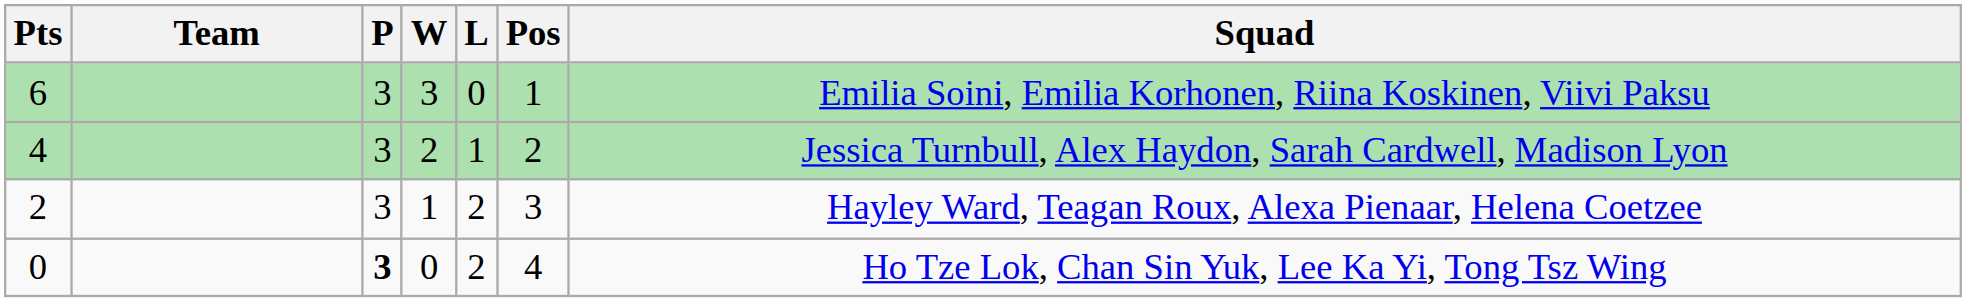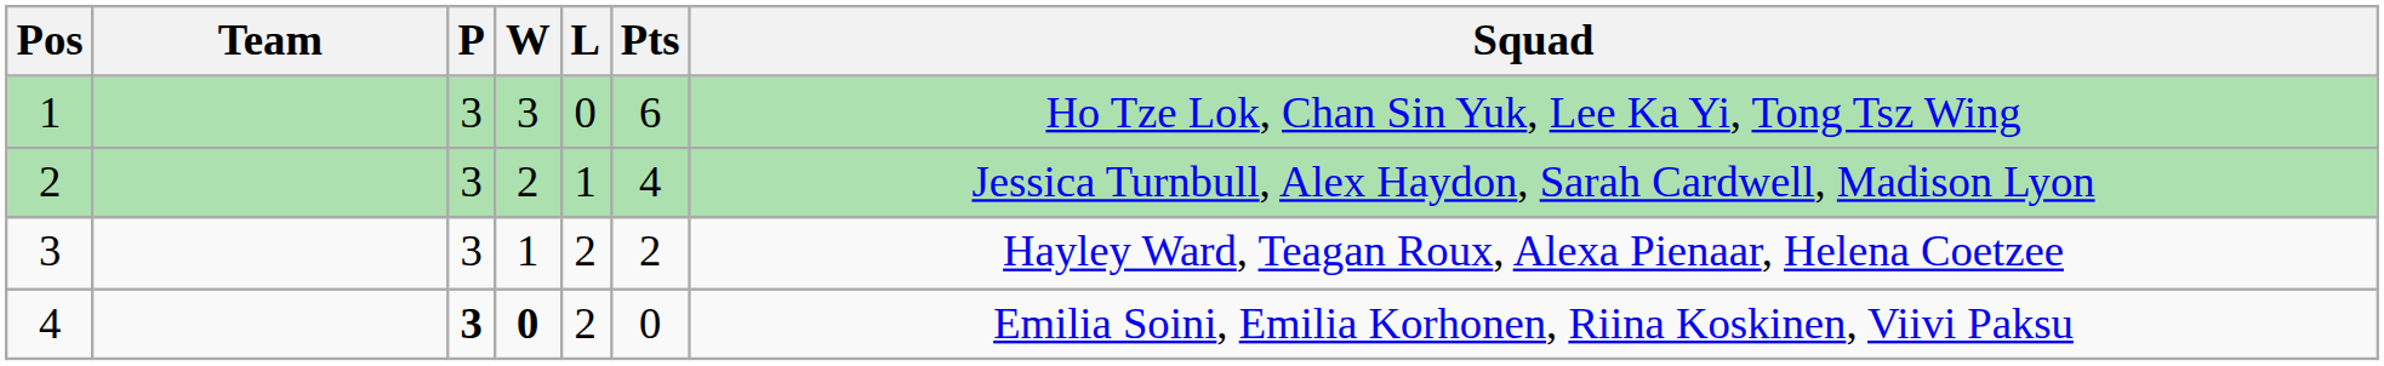 <table class="wikitable" style="font-size: 100%">
 <tr>
-<th width=20>Pts</th>
+<th width=20>Pos</th>
 <th width=120>Team</th>
 <th width=10>P</th>
 <th width=10>W</th>
 <th width=10>L</th>
-<th width=20>Pos</th>
+<th width=20>Pts</th>
 <th width=600>Squad</th>
 </tr>
 <tr align=center style="background:#ACE1AF;">
-<td>6</td>
+<td>1</td>
 <td align="left"></td>
 <td>3</td>
 <td>3</td>
 <td>0</td>
-<td>1</td>
-<td><a href='#'>Emilia Soini</a>, <a href='#'>Emilia Korhonen</a>, <a href='#'>Riina Koskinen</a>, <a href='#'>Viivi Paksu</a></td>
+<td>6</td>
+<td><a href='#'>Ho Tze Lok</a>, <a href='#'>Chan Sin Yuk</a>, <a href='#'>Lee Ka Yi</a>, <a href='#'>Tong Tsz Wing</a></td>
 </tr>
 <tr align=center style="background:#ACE1AF;">
-<td>4</td>
+<td>2</td>
 <td align="left"></td>
 <td>3</td>
 <td>2</td>
 <td>1</td>
-<td>2</td>
+<td>4</td>
 <td><a href='#'>Jessica Turnbull</a>, <a href='#'>Alex Haydon</a>, <a href='#'>Sarah Cardwell</a>, <a href='#'>Madison Lyon</a></td>
 </tr>
 <tr align=center>
-<td>2</td>
+<td>3</td>
 <td align="left"></td>
 <td>3</td>
 <td>1</td>
 <td>2</td>
-<td>3</td>
+<td>2</td>
 <td><a href='#'>Hayley Ward</a>, <a href='#'>Teagan Roux</a>, <a href='#'>Alexa Pienaar</a>, <a href='#'>Helena Coetzee</a></td>
 </tr>
 <tr align=center>
-<td>0</td>
+<td>4</td>
 <td align="left"></td>
 <td><strong>3</strong></td>
+<td><strong>0</strong></td>
+<td>2</td>
 <td>0</td>
-<td>2</td>
-<td>4</td>
-<td><a href='#'>Ho Tze Lok</a>, <a href='#'>Chan Sin Yuk</a>, <a href='#'>Lee Ka Yi</a>, <a href='#'>Tong Tsz Wing</a></td>
+<td><a href='#'>Emilia Soini</a>, <a href='#'>Emilia Korhonen</a>, <a href='#'>Riina Koskinen</a>, <a href='#'>Viivi Paksu</a></td>
 </tr>
 </table>
